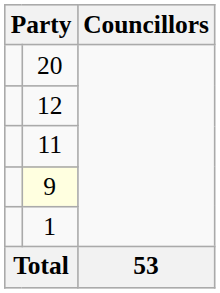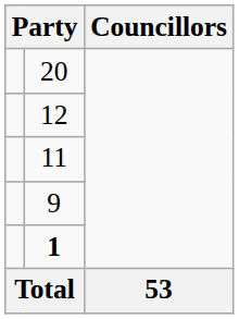 <table class="wikitable">
 <tr>
 <th colspan=2>Party</th>
 <th>Councillors</th>
 </tr>
 <tr>
 <td></td>
 <td align=center>20</td>
 </tr>
 <tr>
 <td></td>
 <td align=center>12</td>
 </tr>
 <tr>
 <td></td>
 <td align=center>11</td>
 </tr>
 <tr>
 <td></td>
-<td align=center style="background: lightyellow;">9</td>
+<td align=center>9</td>
 </tr>
 <tr>
 <td></td>
-<td align=center>1</td>
+<td align=center><strong>1</strong></td>
 </tr>
 <tr>
 <th colspan=2>Total</th>
 <th align=center>53</th>
 </tr>
 </table>
